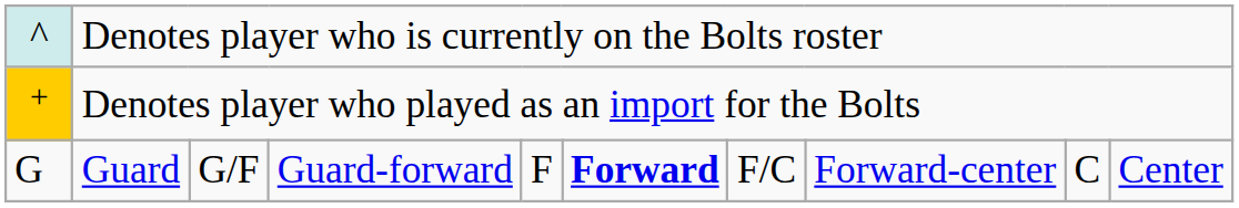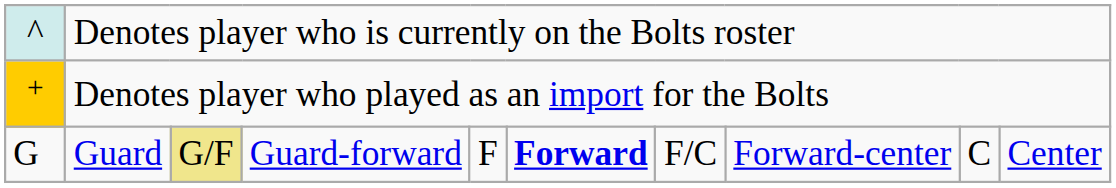 <table class="wikitable">
 <tr>
 <td align="center" bgcolor="#CFECEC" width="20">^</td>
 <td colspan=9>Denotes player who is currently on the Bolts roster</td>
 </tr>
 <tr>
 <td align="center" bgcolor="#FFCC00" width="20"><sup>+</sup></td>
 <td colspan=9>Denotes player who played as an <a href='#'>import</a> for the Bolts</td>
 </tr>
 <tr>
 <td>G</td>
 <td><a href='#'>Guard</a></td>
-<td>G/F</td>
+<td style="background: khaki;">G/F</td>
 <td><a href='#'>Guard-forward</a></td>
 <td>F</td>
 <td><strong><a href='#'>Forward</a></strong></td>
 <td>F/C</td>
 <td><a href='#'>Forward-center</a></td>
 <td>C</td>
 <td><a href='#'>Center</a></td>
 </tr>
 </table>
